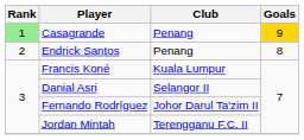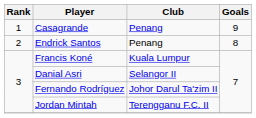 <table class="wikitable" style="text-align:center">
 <tr>
 <th>Rank</th>
 <th>Player</th>
 <th>Club</th>
 <th>Goals</th>
 </tr>
 <tr>
-<td style="background: lightgreen;">1</td>
+<td>1</td>
 <td style="text-align:left;"> <a href='#'>Casagrande</a></td>
 <td style="text-align:left;"><a href='#'>Penang</a></td>
-<td style="background: gold;">9</td>
+<td>9</td>
 </tr>
 <tr>
 <td>2</td>
 <td style="text-align:left;"> <a href='#'>Endrick Santos</a></td>
 <td style="text-align:left;">Penang</td>
 <td>8</td>
 </tr>
 <tr>
 <td rowspan=4>3</td>
 <td style="text-align:left;"> <a href='#'>Francis Koné</a></td>
 <td style="text-align:left;"><a href='#'>Kuala Lumpur</a></td>
 <td rowspan=4>7</td>
 </tr>
 <tr>
 <td style="text-align:left;"> <a href='#'>Danial Asri</a></td>
 <td style="text-align:left;"><a href='#'>Selangor II</a></td>
 </tr>
 <tr>
 <td style="text-align:left;"> <a href='#'>Fernando Rodríguez</a></td>
 <td style="text-align:left;"><a href='#'>Johor Darul Ta'zim II</a></td>
 </tr>
 <tr>
 <td style="text-align:left;"> <a href='#'>Jordan Mintah</a></td>
 <td style="text-align:left;"><a href='#'>Terengganu F.C. II</a></td>
 </tr>
 <tr>
 </tr>
 </table>
